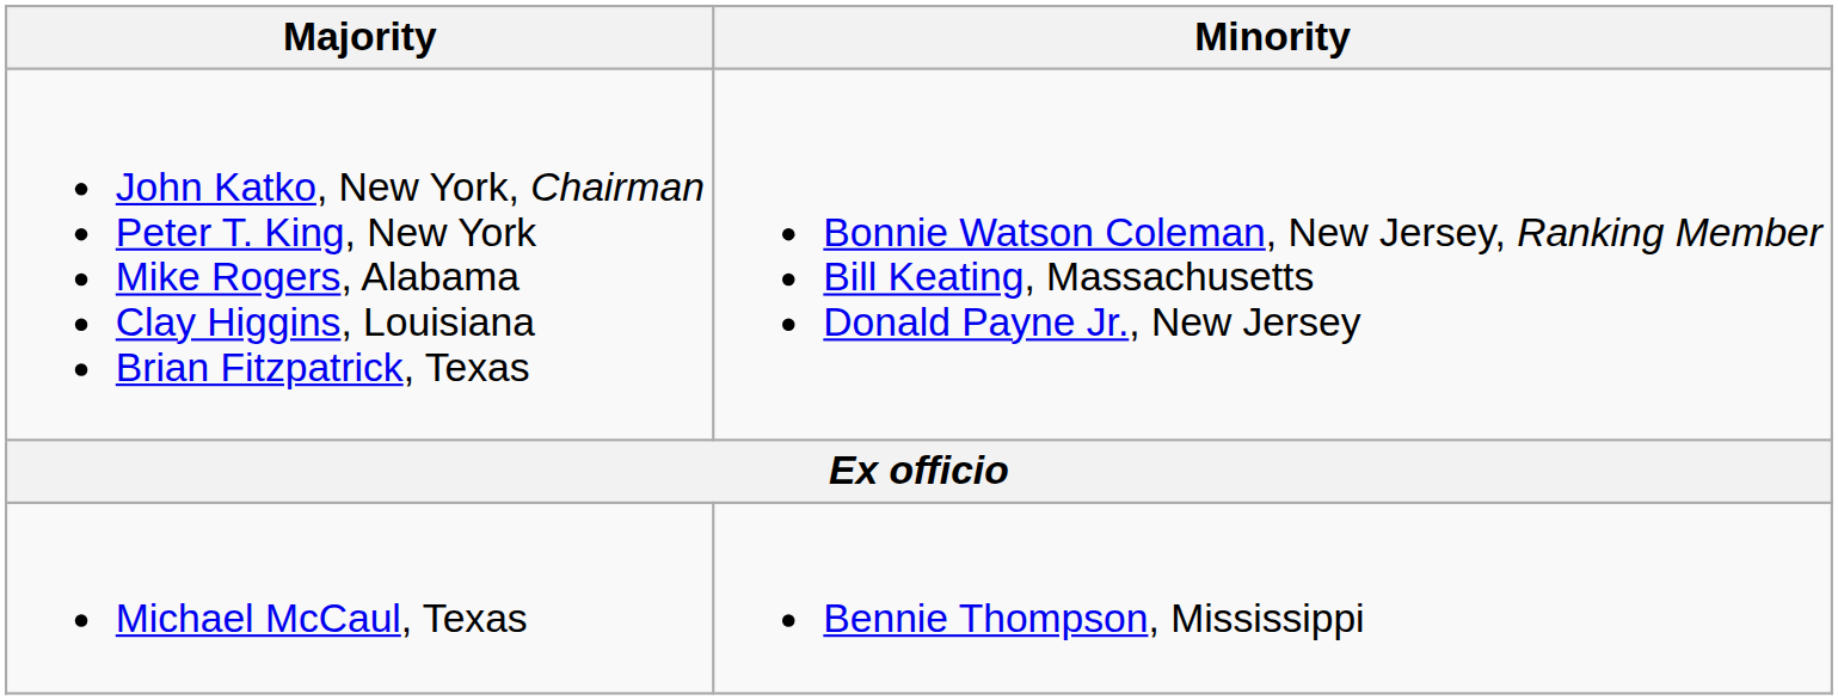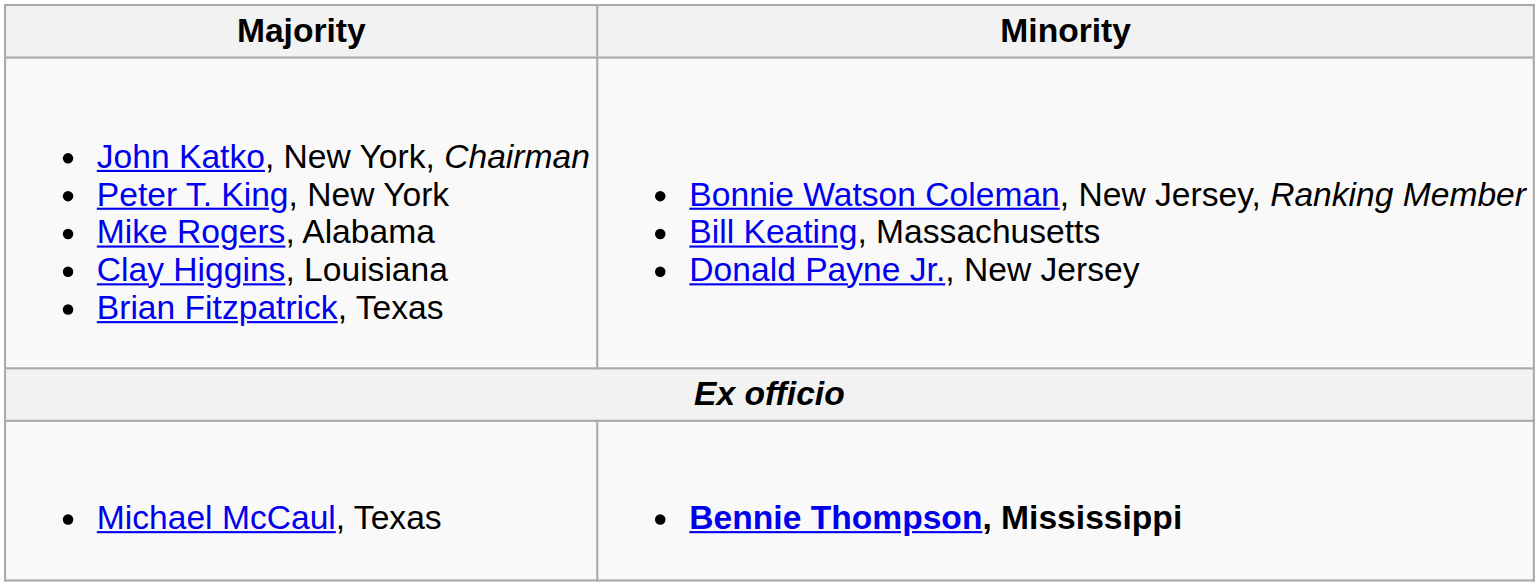 <table class=wikitable>
 <tr>
 <th>Majority</th>
 <th>Minority</th>
 </tr>
 <tr>
 <td><br><ul><li><a href='#'>John Katko</a>, New York, <em>Chairman</em></li><li><a href='#'>Peter T. King</a>, New York</li><li><a href='#'>Mike Rogers</a>, Alabama</li><li><a href='#'>Clay Higgins</a>, Louisiana</li><li><a href='#'>Brian Fitzpatrick</a>, Texas</li></ul></td>
 <td><br><ul><li><a href='#'>Bonnie Watson Coleman</a>, New Jersey, <em>Ranking Member</em></li><li><a href='#'>Bill Keating</a>, Massachusetts</li><li><a href='#'>Donald Payne Jr.</a>, New Jersey</li></ul></td>
 </tr>
 <tr>
 <th colspan=2><em>Ex officio</em></th>
 </tr>
 <tr>
 <td><br><ul><li><a href='#'>Michael McCaul</a>, Texas</li></ul></td>
-<td><br><ul><li><a href='#'>Bennie Thompson</a>, Mississippi</li></ul></td>
+<td><strong><br><ul><li><a href='#'>Bennie Thompson</a>, Mississippi</li></ul></strong></td>
 </tr>
 </table>
